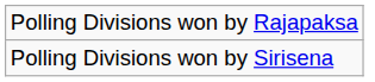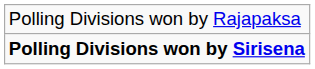 <table class="wikitable">
 <tr>
 <td>Polling Divisions won by <a href='#'>Rajapaksa</a></td>
 </tr>
 <tr>
-<td>Polling Divisions won by <a href='#'>Sirisena</a></td>
+<td><strong>Polling Divisions won by <a href='#'>Sirisena</a></strong></td>
 </tr>
 </table>
